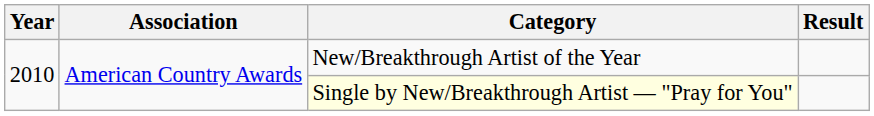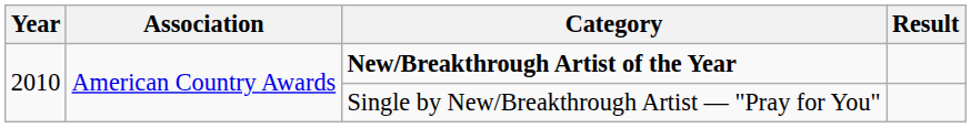 <table class="wikitable">
 <tr>
 <th>Year</th>
 <th>Association</th>
 <th>Category</th>
 <th>Result</th>
 </tr>
 <tr>
 <td rowspan="2">2010</td>
 <td rowspan="2"><a href='#'>American Country Awards</a></td>
-<td>New/Breakthrough Artist of the Year</td>
+<td><strong>New/Breakthrough Artist of the Year</strong></td>
 <td></td>
 </tr>
 <tr>
-<td style="background: lightyellow;">Single by New/Breakthrough Artist — "Pray for You"</td>
+<td>Single by New/Breakthrough Artist — "Pray for You"</td>
 <td></td>
 </tr>
 </table>
